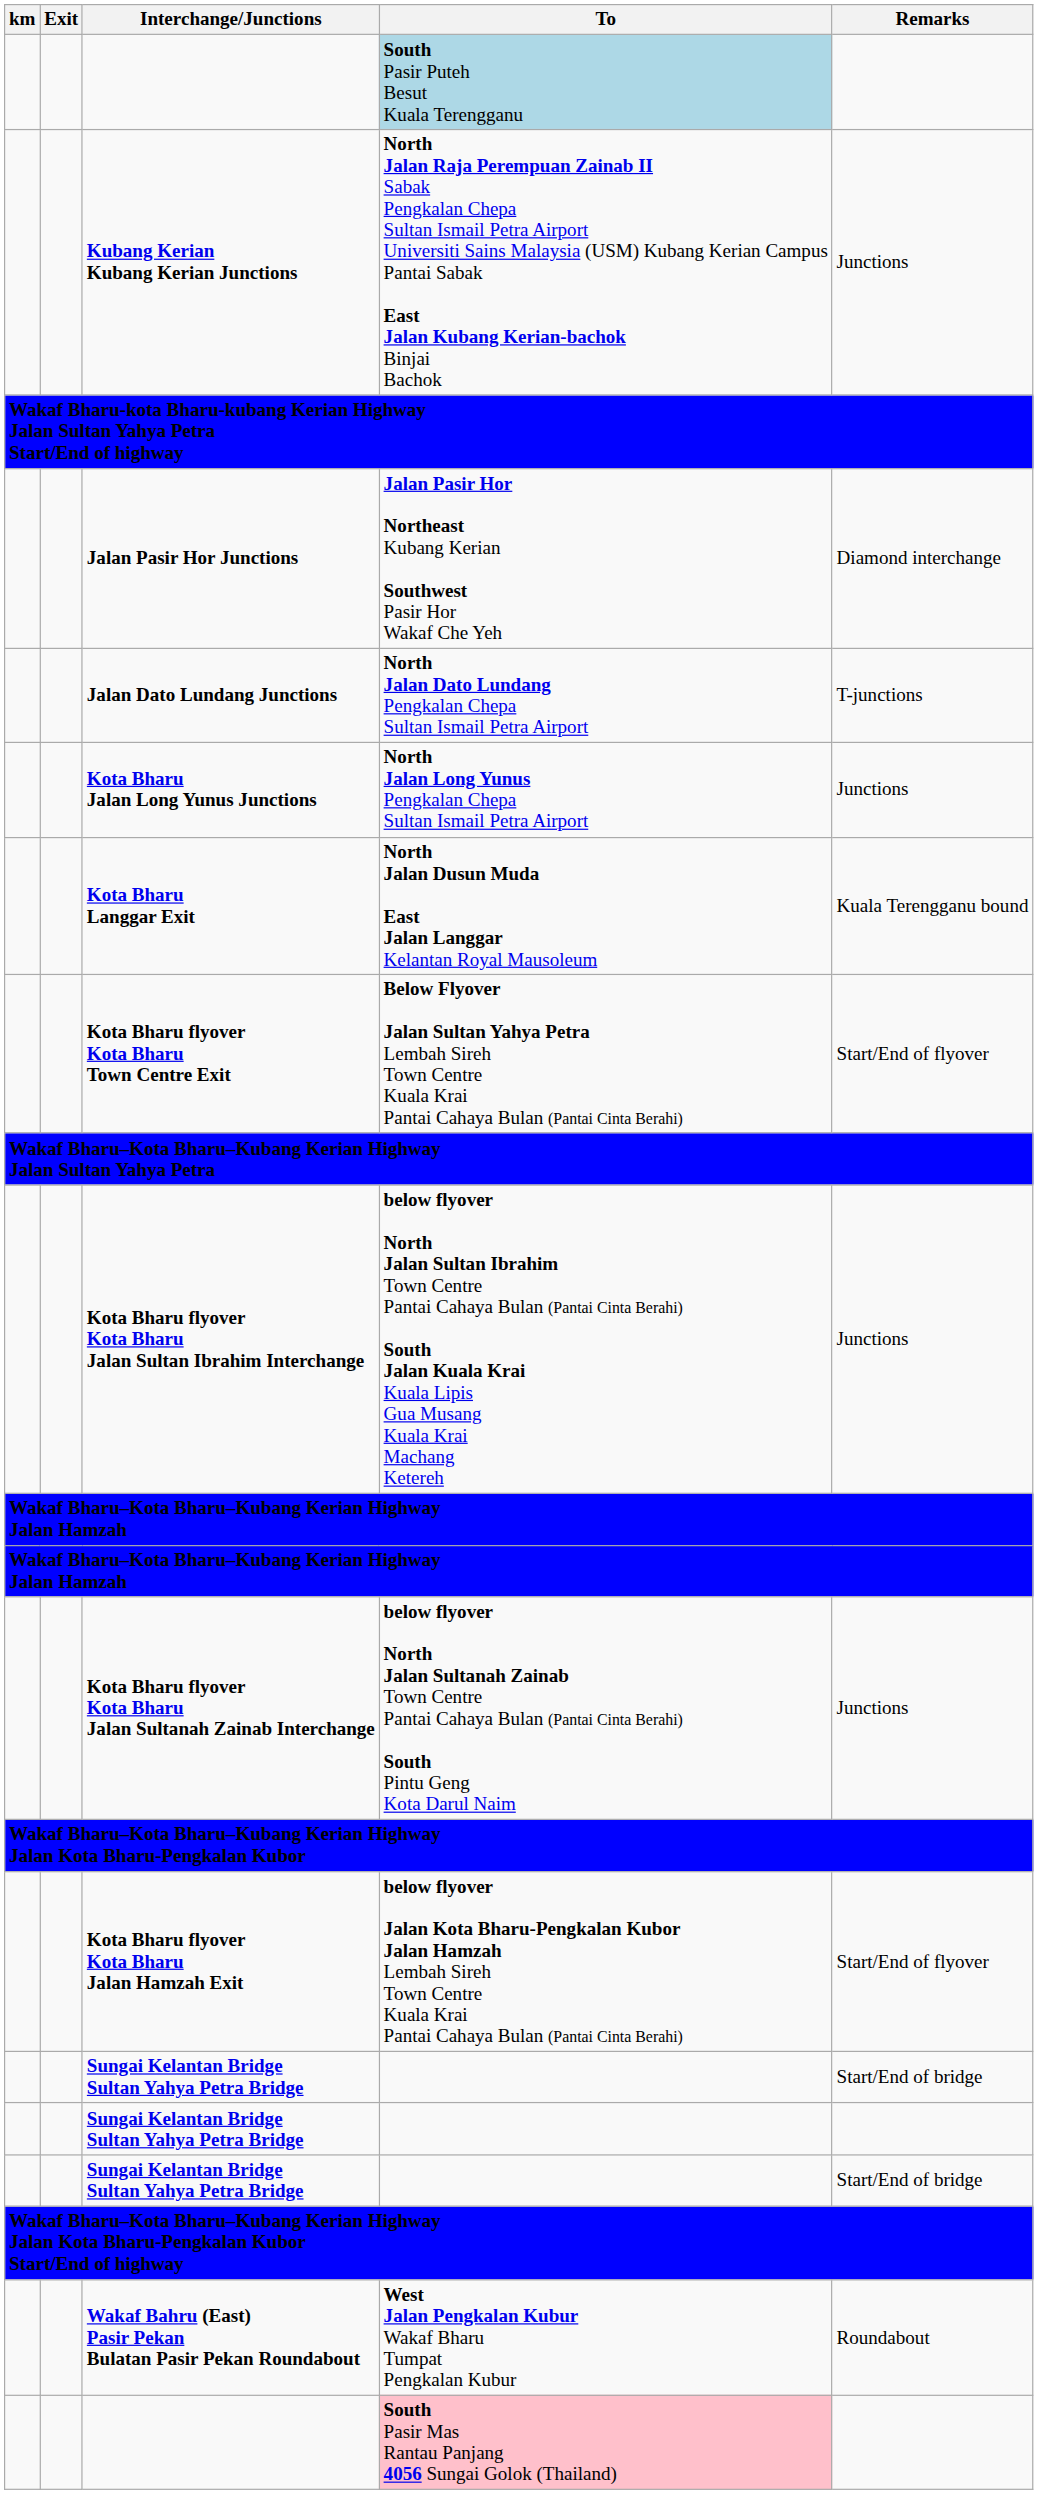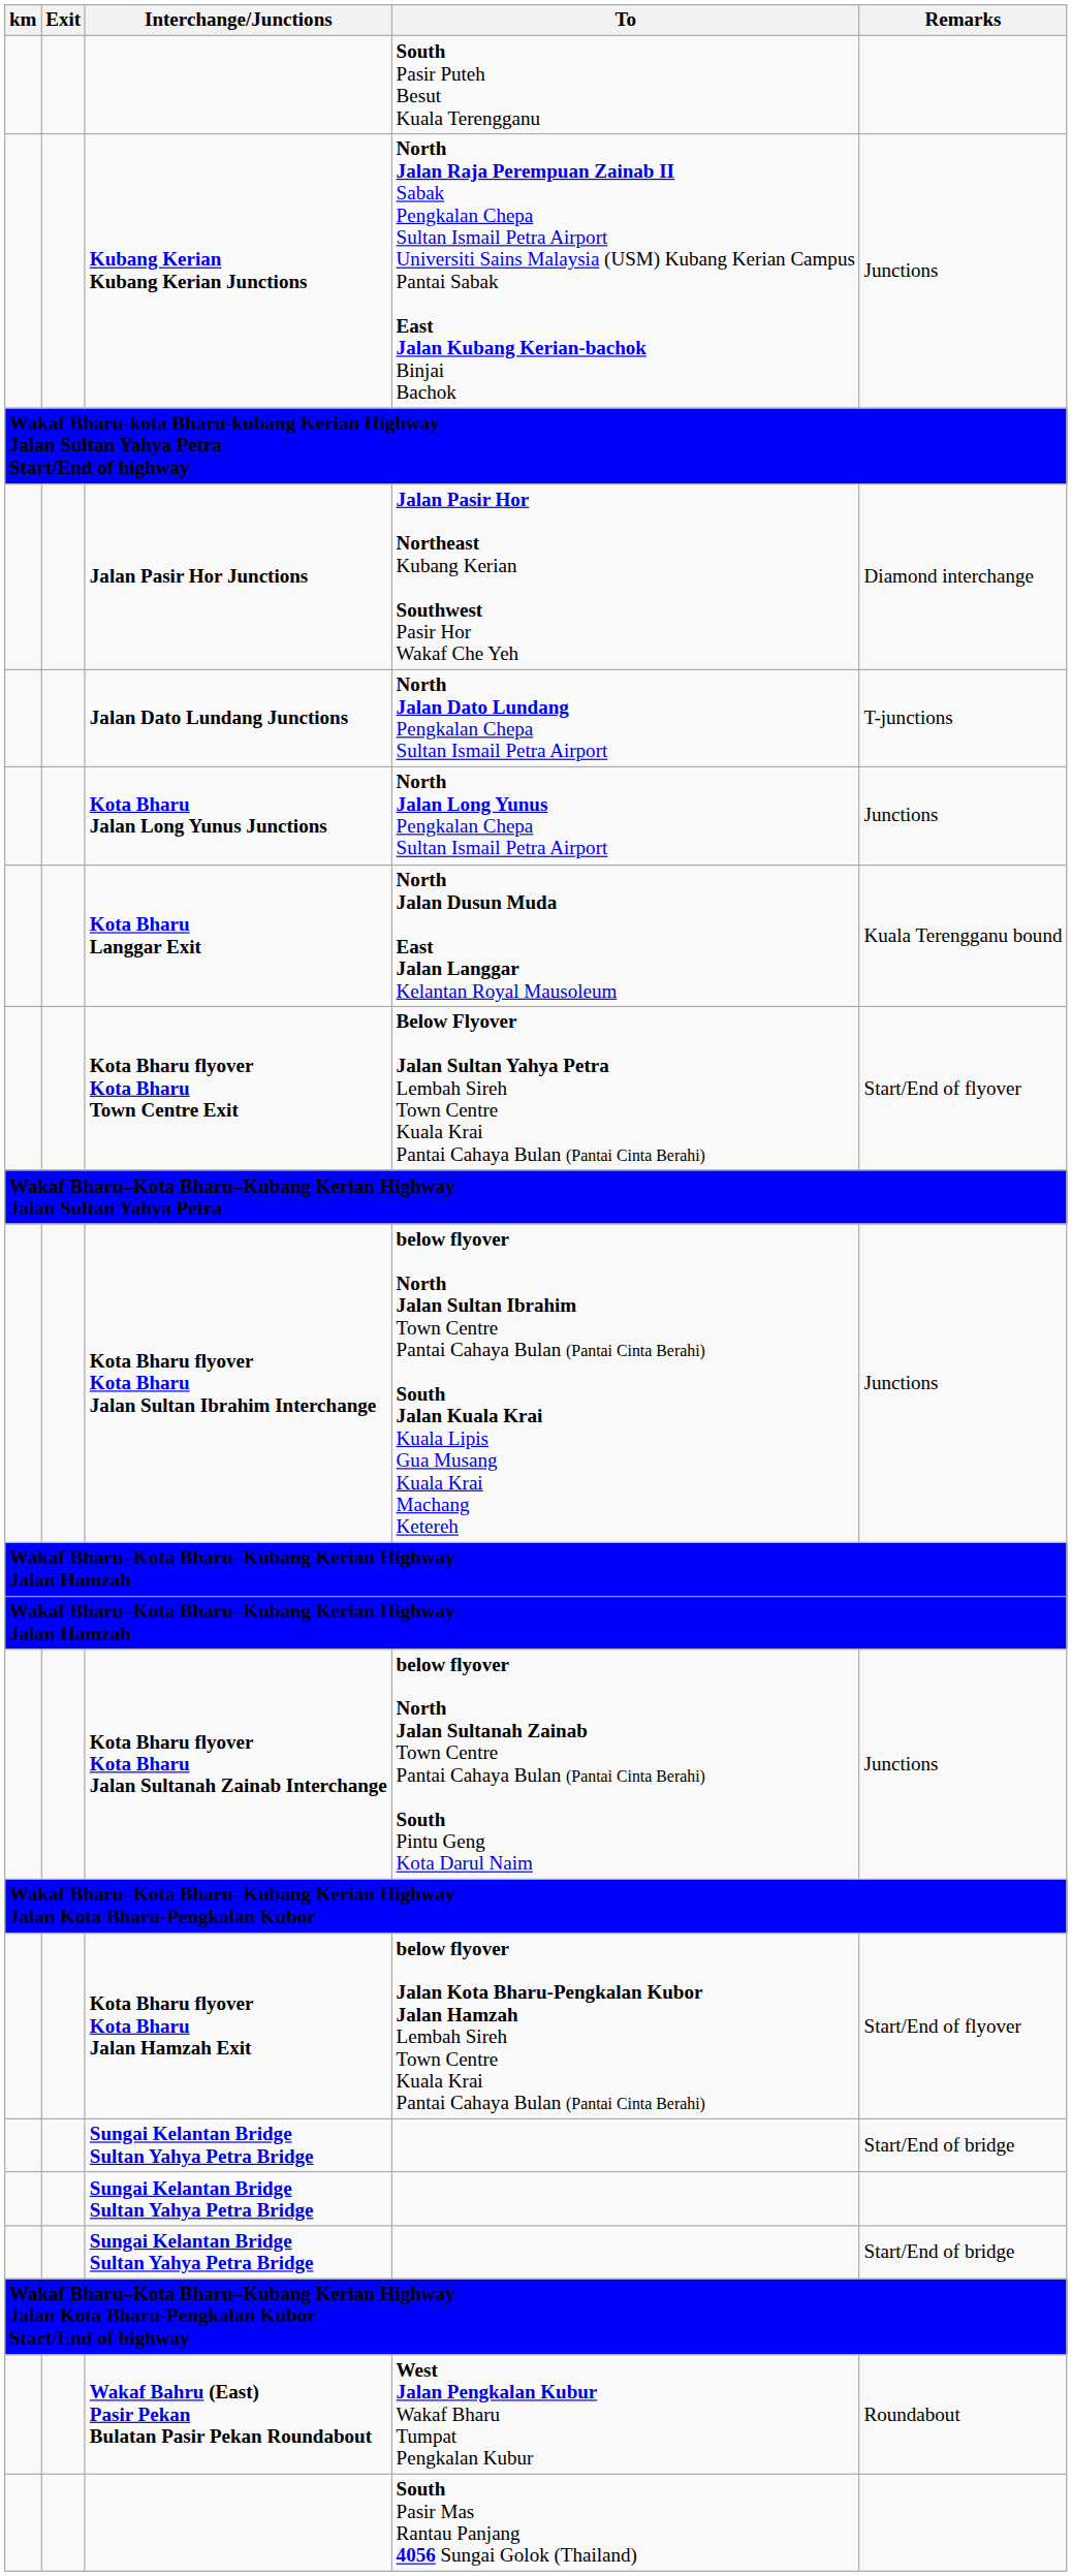 <table class="wikitable">
 <tr>
 <th>km</th>
 <th>Exit</th>
 <th>Interchange/Junctions</th>
 <th>To</th>
 <th>Remarks</th>
 </tr>
 <tr>
 <td></td>
 <td></td>
 <td></td>
-<td style="background: lightblue;"><strong>South</strong><br>  Pasir Puteh<br>  Besut<br>  Kuala Terengganu</td>
+<td><strong>South</strong><br>  Pasir Puteh<br>  Besut<br>  Kuala Terengganu</td>
 <td></td>
 </tr>
 <tr>
 <td></td>
 <td></td>
 <td><strong><a href='#'>Kubang Kerian</a></strong><br><strong>Kubang Kerian Junctions</strong></td>
 <td><strong>North</strong><br> <strong><a href='#'>Jalan Raja Perempuan Zainab II</a></strong><br> <a href='#'>Sabak</a><br> <a href='#'>Pengkalan Chepa</a><br> <a href='#'>Sultan Ismail Petra Airport</a> <br><a href='#'>Universiti Sains Malaysia</a> (USM) Kubang Kerian Campus <br>Pantai Sabak <br><br><strong>East</strong><br> <strong><a href='#'>Jalan Kubang Kerian-bachok</a></strong><br>Binjai<br>Bachok</td>
 <td>Junctions</td>
 </tr>
 <tr>
 <td style="width:600px" colspan="6" style="text-align:center" bgcolor="blue"><strong><span>  Wakaf Bharu-kota Bharu-kubang Kerian Highway<br>Jalan Sultan Yahya Petra<br>Start/End of highway</span></strong></td>
 </tr>
 <tr>
 <td></td>
 <td></td>
 <td><strong>Jalan Pasir Hor Junctions</strong></td>
 <td> <strong><a href='#'>Jalan Pasir Hor</a></strong><br><br><strong>Northeast</strong><br>Kubang Kerian<br><br><strong>Southwest</strong><br>Pasir Hor <br>Wakaf Che Yeh</td>
 <td>Diamond interchange</td>
 </tr>
 <tr>
 <td></td>
 <td></td>
 <td><strong>Jalan Dato Lundang Junctions</strong></td>
 <td><strong>North</strong><br> <strong><a href='#'>Jalan Dato Lundang</a></strong><br><a href='#'>Pengkalan Chepa</a><br><a href='#'>Sultan Ismail Petra Airport</a> </td>
 <td>T-junctions</td>
 </tr>
 <tr>
 <td></td>
 <td></td>
 <td><strong><a href='#'>Kota Bharu</a></strong><br><strong>Jalan Long Yunus Junctions</strong></td>
 <td><strong>North</strong><br> <strong><a href='#'>Jalan Long Yunus</a></strong><br><a href='#'>Pengkalan Chepa</a><br><a href='#'>Sultan Ismail Petra Airport</a> </td>
 <td>Junctions</td>
 </tr>
 <tr>
 <td></td>
 <td></td>
 <td><strong><a href='#'>Kota Bharu</a></strong><br><strong>Langgar Exit</strong></td>
 <td><strong>North</strong><br><strong>Jalan Dusun Muda</strong><br><br><strong>East</strong><br><strong>Jalan Langgar</strong><br><a href='#'>Kelantan Royal Mausoleum</a></td>
 <td>Kuala Terengganu bound</td>
 </tr>
 <tr>
 <td></td>
 <td></td>
 <td><strong>Kota Bharu flyover</strong><br><strong><a href='#'>Kota Bharu</a></strong><br><strong>Town Centre Exit</strong></td>
 <td><strong>Below Flyover</strong><br><br><strong>Jalan Sultan Yahya Petra</strong><br>Lembah Sireh<br>Town Centre<br>Kuala Krai<br>Pantai Cahaya Bulan <small>(Pantai Cinta Berahi)</small></td>
 <td>Start/End of flyover</td>
 </tr>
 <tr>
 <td style="width:600px" colspan="6" style="text-align:center" bgcolor="blue"><strong><span>  Wakaf Bharu–Kota Bharu–Kubang Kerian Highway<br>Jalan Sultan Yahya Petra</span></strong></td>
 </tr>
 <tr>
 <td></td>
 <td></td>
 <td><strong>Kota Bharu flyover</strong><br><strong><a href='#'>Kota Bharu</a></strong><br><strong>Jalan Sultan Ibrahim Interchange</strong></td>
 <td><strong>below flyover</strong><br><br><strong>North</strong><br><strong>Jalan Sultan Ibrahim</strong><br>Town Centre<br>Pantai Cahaya Bulan <small>(Pantai Cinta Berahi)</small><br><br><strong>South</strong><br> <strong>Jalan Kuala Krai</strong><br> <a href='#'>Kuala Lipis</a><br> <a href='#'>Gua Musang</a><br> <a href='#'>Kuala Krai</a><br> <a href='#'>Machang</a><br> <a href='#'>Ketereh</a></td>
 <td>Junctions</td>
 </tr>
 <tr>
 <td style="width:600px" colspan="6" style="text-align:center" bgcolor="blue"><strong><span>  Wakaf Bharu–Kota Bharu–Kubang Kerian Highway<br>Jalan Hamzah</span></strong></td>
 </tr>
 <tr>
 <td style="width:600px" colspan="6" style="text-align:center" bgcolor="blue"><strong><span>  Wakaf Bharu–Kota Bharu–Kubang Kerian Highway<br>Jalan Hamzah</span></strong></td>
 </tr>
 <tr>
 <td></td>
 <td></td>
 <td><strong>Kota Bharu flyover</strong><br><strong><a href='#'>Kota Bharu</a></strong><br><strong>Jalan Sultanah Zainab Interchange</strong></td>
 <td><strong>below flyover</strong><br><br><strong>North</strong><br><strong>Jalan Sultanah Zainab</strong><br>Town Centre<br>Pantai Cahaya Bulan <small>(Pantai Cinta Berahi)</small><br><br><strong>South</strong><br>Pintu Geng<br><a href='#'>Kota Darul Naim</a></td>
 <td>Junctions</td>
 </tr>
 <tr>
 <td style="width:600px" colspan="6" style="text-align:center" bgcolor="blue"><strong><span>  Wakaf Bharu–Kota Bharu–Kubang Kerian Highway<br>Jalan Kota Bharu-Pengkalan Kubor</span></strong></td>
 </tr>
 <tr>
 <td></td>
 <td></td>
 <td><strong>Kota Bharu flyover</strong><br><strong><a href='#'>Kota Bharu</a></strong><br><strong>Jalan Hamzah Exit</strong></td>
 <td><strong>below flyover</strong><br><br><strong>Jalan Kota Bharu-Pengkalan Kubor</strong><br><strong>Jalan Hamzah</strong><br>Lembah Sireh<br>Town Centre<br>Kuala Krai<br>Pantai Cahaya Bulan <small>(Pantai Cinta Berahi)</small></td>
 <td>Start/End of flyover</td>
 </tr>
 <tr>
 <td></td>
 <td></td>
 <td><strong><a href='#'>Sungai Kelantan Bridge</a></strong><br><strong><a href='#'>Sultan Yahya Petra Bridge</a></strong></td>
 <td></td>
 <td>Start/End of bridge</td>
 </tr>
 <tr>
 <td></td>
 <td></td>
 <td><strong><a href='#'>Sungai Kelantan Bridge</a></strong><br><strong><a href='#'>Sultan Yahya Petra Bridge</a></strong></td>
 <td></td>
 <td></td>
 </tr>
 <tr>
 <td></td>
 <td></td>
 <td><strong><a href='#'>Sungai Kelantan Bridge</a></strong><br><strong><a href='#'>Sultan Yahya Petra Bridge</a></strong></td>
 <td></td>
 <td>Start/End of bridge</td>
 </tr>
 <tr>
 <td style="width:600px" colspan="6" style="text-align:center" bgcolor="blue"><strong><span>  Wakaf Bharu–Kota Bharu–Kubang Kerian Highway<br>Jalan Kota Bharu-Pengkalan Kubor<br>Start/End of highway</span></strong></td>
 </tr>
 <tr>
 <td></td>
 <td></td>
 <td><strong><a href='#'>Wakaf Bahru</a> (East)</strong><br><strong><a href='#'>Pasir Pekan</a></strong><br><strong>Bulatan Pasir Pekan Roundabout</strong></td>
 <td><strong>West</strong><br> <strong><a href='#'>Jalan Pengkalan Kubur</a></strong><br>Wakaf Bharu<br>Tumpat<br>Pengkalan Kubur</td>
 <td>Roundabout</td>
 </tr>
 <tr>
 <td></td>
 <td></td>
 <td></td>
-<td style="background: pink;"><strong>South</strong><br>  Pasir Mas<br>  Rantau Panjang<br><strong><a href='#'>4056</a></strong>  Sungai Golok (Thailand)</td>
+<td><strong>South</strong><br>  Pasir Mas<br>  Rantau Panjang<br><strong><a href='#'>4056</a></strong>  Sungai Golok (Thailand)</td>
 <td></td>
 </tr>
 </table>
